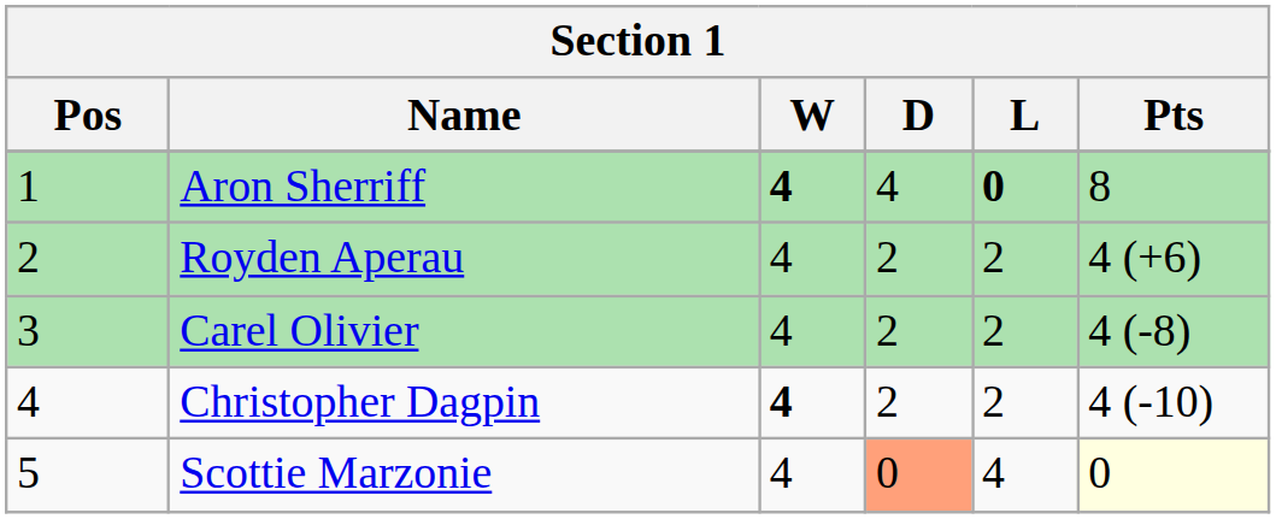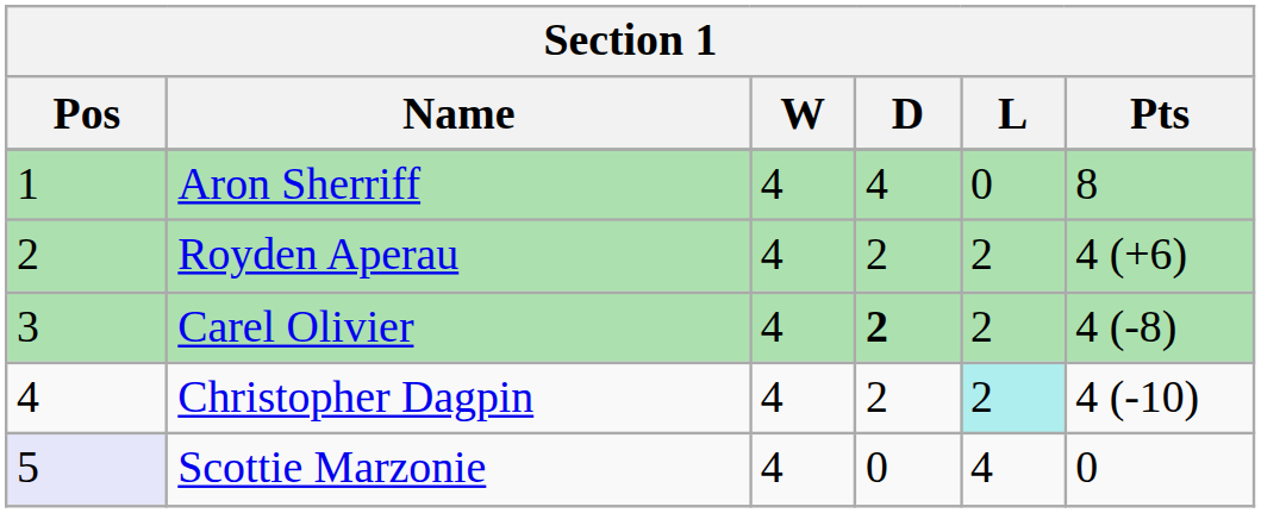 <table class="wikitable">
 <tr>
 <th colspan="6">Section 1</th>
 </tr>
 <tr>
 <th width=50>Pos</th>
 <th width=200>Name</th>
 <th width=30>W</th>
 <th width=30>D</th>
 <th width=30>L</th>
 <th width=60>Pts</th>
 </tr>
 <tr>
 </tr>
 <tr style="background:#ACE1AF;">
 <td>1</td>
 <td> <a href='#'>Aron Sherriff</a></td>
-<td><strong>4</strong></td>
 <td>4</td>
-<td><strong>0</strong></td>
+<td>4</td>
+<td>0</td>
 <td>8</td>
 </tr>
 <tr style="background:#ACE1AF;">
 <td>2</td>
 <td> <a href='#'>Royden Aperau</a></td>
 <td>4</td>
 <td>2</td>
 <td>2</td>
 <td>4 (+6)</td>
 </tr>
 <tr style="background:#ACE1AF;">
 <td>3</td>
 <td> <a href='#'>Carel Olivier</a></td>
 <td>4</td>
-<td>2</td>
+<td><strong>2</strong></td>
 <td>2</td>
 <td>4 (-8)</td>
 </tr>
 <tr>
 <td>4</td>
 <td> <a href='#'>Christopher Dagpin</a></td>
-<td><strong>4</strong></td>
+<td>4</td>
 <td>2</td>
-<td>2</td>
+<td style="background: paleturquoise;">2</td>
 <td>4 (-10)</td>
 </tr>
 <tr>
-<td>5</td>
+<td style="background: lavender;">5</td>
 <td> <a href='#'>Scottie Marzonie</a></td>
 <td>4</td>
-<td style="background: lightsalmon;">0</td>
+<td>0</td>
 <td>4</td>
-<td style="background: lightyellow;">0</td>
+<td>0</td>
 </tr>
 </table>
